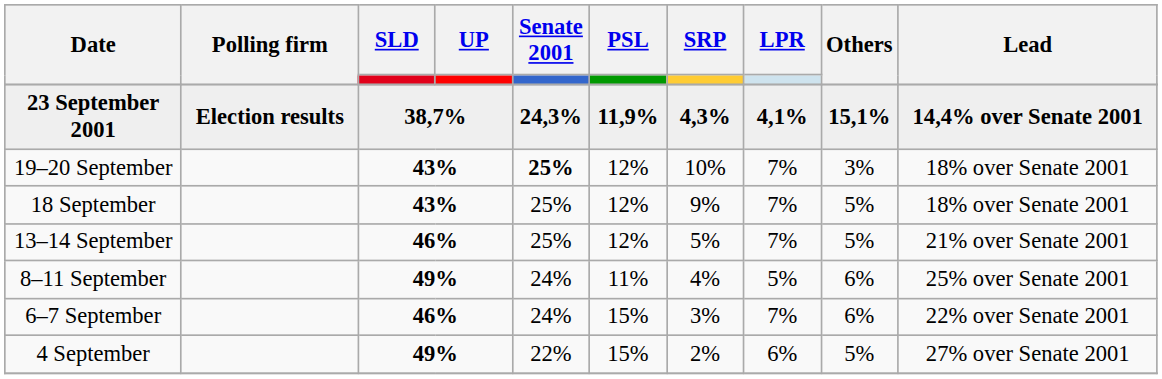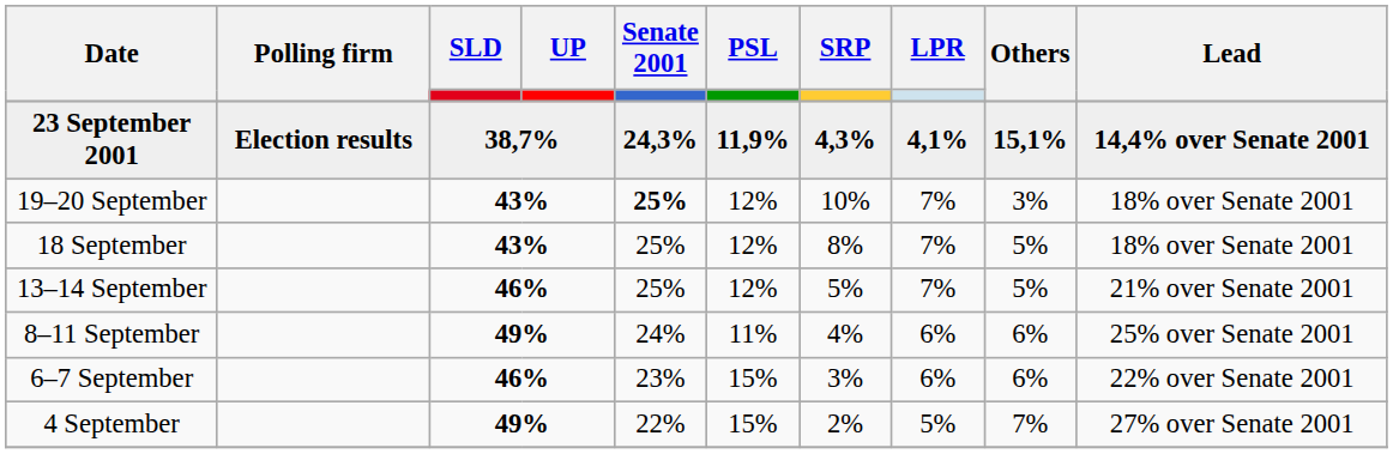 <table class="wikitable" style="text-align:center; font-size:85%; line-height:16px;">
 <tr style="height:42px;">
 <th style="width:100px;" rowspan="2">Date</th>
 <th style="width:100px;" rowspan="2">Polling firm</th>
 <th><a href='#'><span>SLD</span></a></th>
 <th><a href='#'><span>UP</span></a></th>
 <th><a href='#'><span>Senate 2001</span></a></th>
 <th><a href='#'><span>PSL</span></a></th>
 <th><a href='#'><span>SRP</span></a></th>
 <th><a href='#'><span>LPR</span></a></th>
 <th style="width:40px;" rowspan="2">Others</th>
 <th style="width:150px;" rowspan="2">Lead</th>
 </tr>
 <tr>
 <th style="background:#E2001A; width:40px;"></th>
 <th style="background:red; width:40px;"></th>
 <th style="background:#3366CC; width:40px;"></th>
 <th style="background:#009900; width:40px;"></th>
 <th style="background:#FFCC33; width:40px;"></th>
 <th style="background:#CEE3EE; width:40px;"></th>
 </tr>
 <tr>
 </tr>
 <tr style="background:#EFEFEF; font-weight:bold;">
 <td>23 September 2001</td>
 <td>Election results</td>
 <td colspan=2 align=center style="background:">38,7%</td>
 <td>24,3%</td>
 <td>11,9%</td>
 <td>4,3%</td>
 <td>4,1%</td>
 <td>15,1%</td>
 <td style="background:">14,4% over Senate 2001</td>
 </tr>
 <tr>
 <td>19–20 September</td>
 <td></td>
 <td colspan=2 align=center style="background:"><strong>43%</strong></td>
 <td><strong>25%</strong></td>
 <td>12%</td>
 <td>10%</td>
 <td>7%</td>
 <td>3%</td>
 <td style="background:">18% over Senate 2001</td>
 </tr>
 <tr>
 <td>18 September</td>
 <td></td>
 <td colspan=2 align=center style="background:"><strong>43%</strong></td>
 <td>25%</td>
 <td>12%</td>
-<td>9%</td>
+<td>8%</td>
 <td>7%</td>
 <td>5%</td>
 <td style="background:">18% over Senate 2001</td>
 </tr>
 <tr>
 <td>13–14 September</td>
 <td></td>
 <td colspan=2 align=center style="background:"><strong>46%</strong></td>
 <td>25%</td>
 <td>12%</td>
 <td>5%</td>
 <td>7%</td>
 <td>5%</td>
 <td style="background:">21% over Senate 2001</td>
 </tr>
 <tr>
 <td>8–11 September</td>
 <td></td>
 <td colspan=2 align=center style="background:"><strong>49%</strong></td>
 <td>24%</td>
 <td>11%</td>
 <td>4%</td>
-<td>5%</td>
+<td>6%</td>
 <td>6%</td>
 <td style="background:">25% over Senate 2001</td>
 </tr>
 <tr>
 <td>6–7 September</td>
 <td></td>
 <td colspan=2 align=center style="background:"><strong>46%</strong></td>
-<td>24%</td>
+<td>23%</td>
 <td>15%</td>
 <td>3%</td>
-<td>7%</td>
+<td>6%</td>
 <td>6%</td>
 <td style="background:">22% over Senate 2001</td>
 </tr>
 <tr>
 <td>4 September</td>
 <td></td>
 <td colspan=2 align=center style="background:"><strong>49%</strong></td>
 <td>22%</td>
 <td>15%</td>
 <td>2%</td>
-<td>6%</td>
 <td>5%</td>
+<td>7%</td>
 <td style="background:">27% over Senate 2001</td>
 </tr>
 <tr>
 </tr>
 </table>
